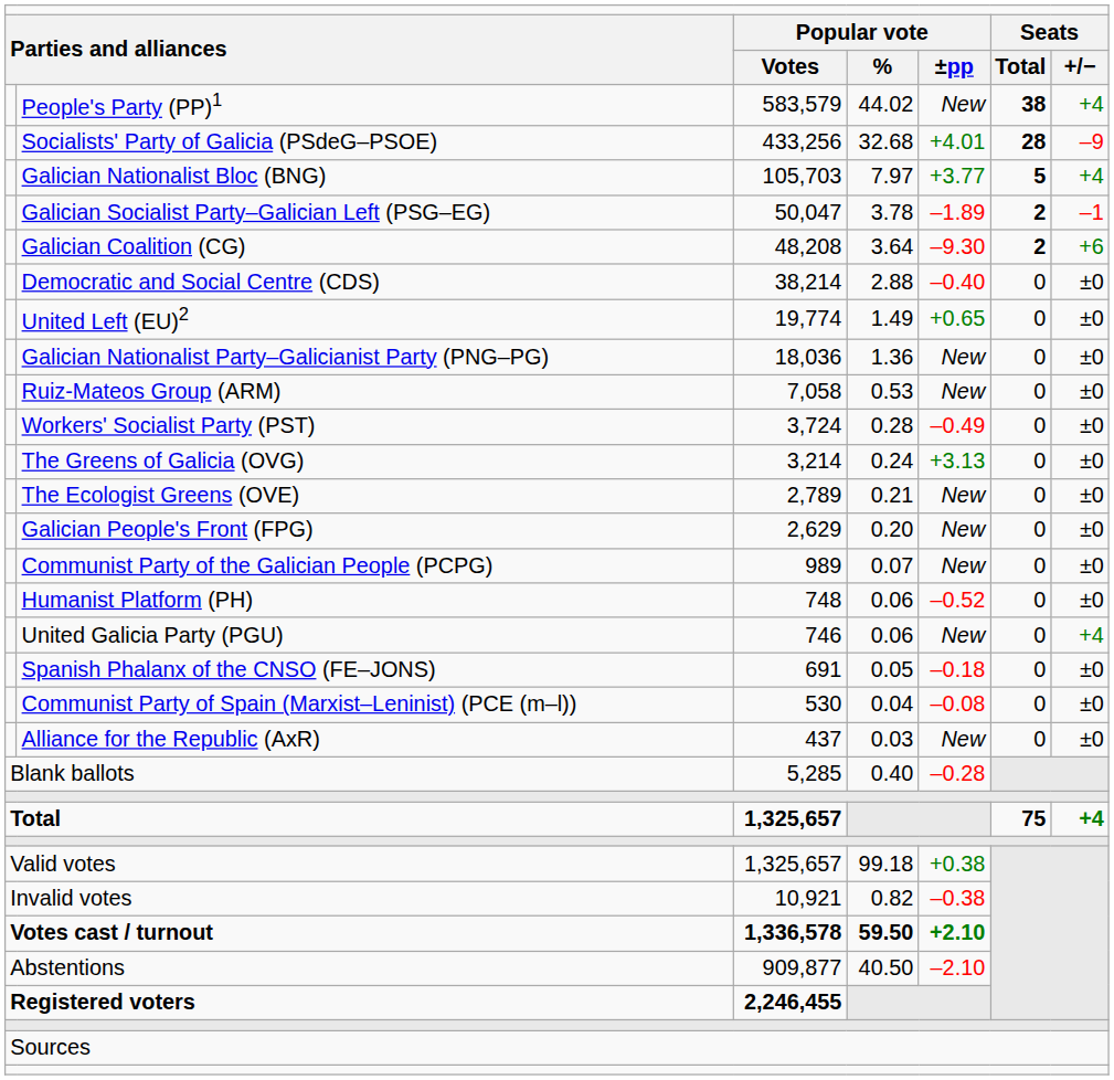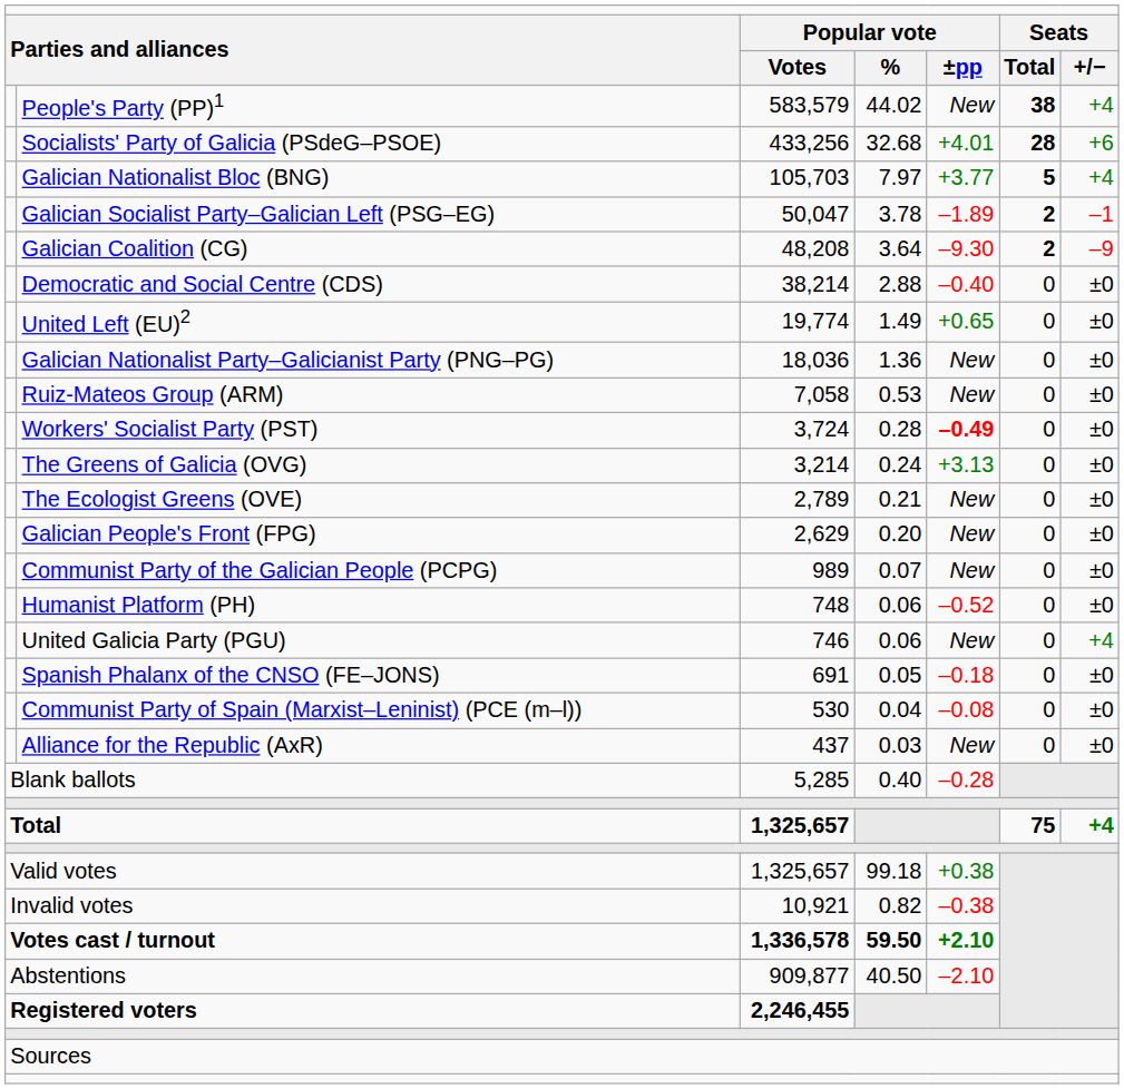 <table class="wikitable" style="text-align:right;">
 <tr>
 <td colspan="7"></td>
 </tr>
 <tr>
 <th style="text-align:left;" rowspan="2" colspan="2" width="525">Parties and alliances</th>
 <th colspan="3">Popular vote</th>
 <th colspan="2">Seats</th>
 </tr>
 <tr>
 <th width="75">Votes</th>
 <th width="45">%</th>
 <th width="45">±<a href='#'>pp</a></th>
 <th width="35">Total</th>
 <th width="35">+/−</th>
 </tr>
 <tr>
 <td width="1" style="color:inherit;background:"></td>
 <td align="left"><a href='#'>People's Party</a> (PP)<sup>1</sup></td>
 <td>583,579</td>
 <td>44.02</td>
 <td><em>New</em></td>
 <td><strong>38</strong></td>
 <td style="color:green;">+4</td>
 </tr>
 <tr>
 <td style="color:inherit;background:"></td>
 <td align="left"><a href='#'>Socialists' Party of Galicia</a> (PSdeG–PSOE)</td>
 <td>433,256</td>
 <td>32.68</td>
 <td style="color:green;">+4.01</td>
 <td><strong>28</strong></td>
-<td style="color:red;">–9</td>
+<td style="color:green;">+6</td>
 </tr>
 <tr>
 <td style="color:inherit;background:"></td>
 <td align="left"><a href='#'>Galician Nationalist Bloc</a> (BNG)</td>
 <td>105,703</td>
 <td>7.97</td>
 <td style="color:green;">+3.77</td>
 <td><strong>5</strong></td>
 <td style="color:green;">+4</td>
 </tr>
 <tr>
 <td style="color:inherit;background:"></td>
 <td align="left"><a href='#'>Galician Socialist Party–Galician Left</a> (PSG–EG)</td>
 <td>50,047</td>
 <td>3.78</td>
 <td style="color:red;">–1.89</td>
 <td><strong>2</strong></td>
 <td style="color:red;">–1</td>
 </tr>
 <tr>
 <td style="color:inherit;background:"></td>
 <td align="left"><a href='#'>Galician Coalition</a> (CG)</td>
 <td>48,208</td>
 <td>3.64</td>
 <td style="color:red;">–9.30</td>
 <td><strong>2</strong></td>
-<td style="color:green;">+6</td>
+<td style="color:red;">–9</td>
 </tr>
 <tr>
 <td style="color:inherit;background:"></td>
 <td align="left"><a href='#'>Democratic and Social Centre</a> (CDS)</td>
 <td>38,214</td>
 <td>2.88</td>
 <td style="color:red;">–0.40</td>
 <td>0</td>
 <td>±0</td>
 </tr>
 <tr>
 <td style="color:inherit;background:"></td>
 <td align="left"><a href='#'>United Left</a> (EU)<sup>2</sup></td>
 <td>19,774</td>
 <td>1.49</td>
 <td style="color:green;">+0.65</td>
 <td>0</td>
 <td>±0</td>
 </tr>
 <tr>
 <td style="color:inherit;background:"></td>
 <td align="left"><a href='#'>Galician Nationalist Party–Galicianist Party</a> (PNG–PG)</td>
 <td>18,036</td>
 <td>1.36</td>
 <td><em>New</em></td>
 <td>0</td>
 <td>±0</td>
 </tr>
 <tr>
 <td style="color:inherit;background:"></td>
 <td align="left"><a href='#'>Ruiz-Mateos Group</a> (ARM)</td>
 <td>7,058</td>
 <td>0.53</td>
 <td><em>New</em></td>
 <td>0</td>
 <td>±0</td>
 </tr>
 <tr>
 <td style="color:inherit;background:"></td>
 <td align="left"><a href='#'>Workers' Socialist Party</a> (PST)</td>
 <td>3,724</td>
 <td>0.28</td>
-<td style="color:red;">–0.49</td>
+<td style="color:red;"><strong>–0.49</strong></td>
 <td>0</td>
 <td>±0</td>
 </tr>
 <tr>
 <td style="color:inherit;background:"></td>
 <td align="left"><a href='#'>The Greens of Galicia</a> (OVG)</td>
 <td>3,214</td>
 <td>0.24</td>
 <td style="color:green;">+3.13</td>
 <td>0</td>
 <td>±0</td>
 </tr>
 <tr>
 <td style="color:inherit;background:"></td>
 <td align="left"><a href='#'>The Ecologist Greens</a> (OVE)</td>
 <td>2,789</td>
 <td>0.21</td>
 <td><em>New</em></td>
 <td>0</td>
 <td>±0</td>
 </tr>
 <tr>
 <td style="color:inherit;background:"></td>
 <td align="left"><a href='#'>Galician People's Front</a> (FPG)</td>
 <td>2,629</td>
 <td>0.20</td>
 <td><em>New</em></td>
 <td>0</td>
 <td>±0</td>
 </tr>
 <tr>
 <td style="color:inherit;background:"></td>
 <td align="left"><a href='#'>Communist Party of the Galician People</a> (PCPG)</td>
 <td>989</td>
 <td>0.07</td>
 <td><em>New</em></td>
 <td>0</td>
 <td>±0</td>
 </tr>
 <tr>
 <td style="color:inherit;background:"></td>
 <td align="left"><a href='#'>Humanist Platform</a> (PH)</td>
 <td>748</td>
 <td>0.06</td>
 <td style="color:red;">–0.52</td>
 <td>0</td>
 <td>±0</td>
 </tr>
 <tr>
 <td style="color:inherit;background:"></td>
 <td align="left">United Galicia Party (PGU)</td>
 <td>746</td>
 <td>0.06</td>
 <td><em>New</em></td>
 <td>0</td>
 <td style="color:green;">+4</td>
 </tr>
 <tr>
 <td style="color:inherit;background:"></td>
 <td align="left"><a href='#'>Spanish Phalanx of the CNSO</a> (FE–JONS)</td>
 <td>691</td>
 <td>0.05</td>
 <td style="color:red;">–0.18</td>
 <td>0</td>
 <td>±0</td>
 </tr>
 <tr>
 <td style="color:inherit;background:"></td>
 <td align="left"><a href='#'>Communist Party of Spain (Marxist–Leninist)</a> (PCE (m–l))</td>
 <td>530</td>
 <td>0.04</td>
 <td style="color:red;">–0.08</td>
 <td>0</td>
 <td>±0</td>
 </tr>
 <tr>
 <td style="color:inherit;background:"></td>
 <td align="left"><a href='#'>Alliance for the Republic</a> (AxR)</td>
 <td>437</td>
 <td>0.03</td>
 <td><em>New</em></td>
 <td>0</td>
 <td>±0</td>
 </tr>
 <tr>
 <td align="left" colspan="2">Blank ballots</td>
 <td>5,285</td>
 <td>0.40</td>
 <td style="color:red;">–0.28</td>
 <td bgcolor="#E9E9E9" colspan="2"></td>
 </tr>
 <tr>
 <td colspan="7" bgcolor="#E9E9E9"></td>
 </tr>
 <tr style="font-weight:bold;">
 <td align="left" colspan="2">Total</td>
 <td>1,325,657</td>
 <td bgcolor="#E9E9E9" colspan="2"></td>
 <td>75</td>
 <td style="color:green;">+4</td>
 </tr>
 <tr>
 <td colspan="7" bgcolor="#E9E9E9"></td>
 </tr>
 <tr>
 <td align="left" colspan="2">Valid votes</td>
 <td>1,325,657</td>
 <td>99.18</td>
 <td style="color:green;">+0.38</td>
 <td bgcolor="#E9E9E9" colspan="7" rowspan="5"></td>
 </tr>
 <tr>
 <td align="left" colspan="2">Invalid votes</td>
 <td>10,921</td>
 <td>0.82</td>
 <td style="color:red;">–0.38</td>
 </tr>
 <tr style="font-weight:bold;">
 <td align="left" colspan="2">Votes cast / turnout</td>
 <td>1,336,578</td>
 <td>59.50</td>
 <td style="color:green;">+2.10</td>
 </tr>
 <tr>
 <td align="left" colspan="2">Abstentions</td>
 <td>909,877</td>
 <td>40.50</td>
 <td style="color:red;">–2.10</td>
 </tr>
 <tr style="font-weight:bold;">
 <td align="left" colspan="2">Registered voters</td>
 <td>2,246,455</td>
 <td bgcolor="#E9E9E9" colspan="2"></td>
 </tr>
 <tr>
 <td colspan="7" bgcolor="#E9E9E9"></td>
 </tr>
 <tr>
 <td align="left" colspan="7">Sources</td>
 </tr>
 <tr>
 <td colspan="7" style="text-align:left; max-width:790px;"></td>
 </tr>
 </table>
